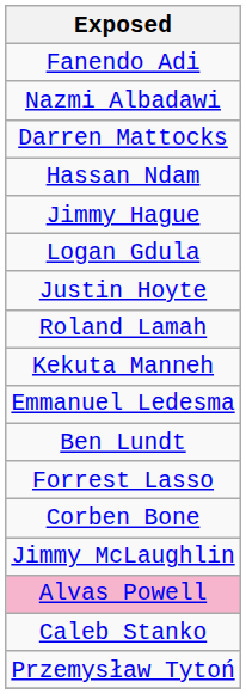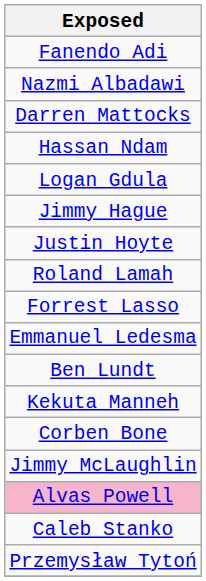 <table class="wikitable" style="text-align:center">
 <tr>
 <th>Exposed</th>
 </tr>
 <tr>
 <td><a href='#'>Fanendo Adi</a></td>
 </tr>
 <tr>
 <td><a href='#'>Nazmi Albadawi</a></td>
 </tr>
 <tr>
 <td><a href='#'>Darren Mattocks</a></td>
 </tr>
 <tr>
 <td><a href='#'>Hassan Ndam</a></td>
 </tr>
 <tr>
-<td><a href='#'>Jimmy Hague</a></td>
+<td><a href='#'>Logan Gdula</a></td>
 </tr>
 <tr>
-<td><a href='#'>Logan Gdula</a></td>
+<td><a href='#'>Jimmy Hague</a></td>
 </tr>
 <tr>
 <td><a href='#'>Justin Hoyte</a></td>
 </tr>
 <tr>
 <td><a href='#'>Roland Lamah</a></td>
 </tr>
 <tr>
-<td><a href='#'>Kekuta Manneh</a></td>
+<td><a href='#'>Forrest Lasso</a></td>
 </tr>
 <tr>
 <td><a href='#'>Emmanuel Ledesma</a></td>
 </tr>
 <tr>
 <td><a href='#'>Ben Lundt</a></td>
 </tr>
 <tr>
-<td><a href='#'>Forrest Lasso</a></td>
+<td><a href='#'>Kekuta Manneh</a></td>
 </tr>
 <tr>
 <td><a href='#'>Corben Bone</a></td>
 </tr>
 <tr>
 <td><a href='#'>Jimmy McLaughlin</a></td>
 </tr>
 <tr>
 <td style="background: #f7b5cd"><a href='#'>Alvas Powell</a></td>
 </tr>
 <tr>
 <td><a href='#'>Caleb Stanko</a></td>
 </tr>
 <tr>
 <td><a href='#'>Przemysław Tytoń</a></td>
 </tr>
 <tr>
 </tr>
 </table>
